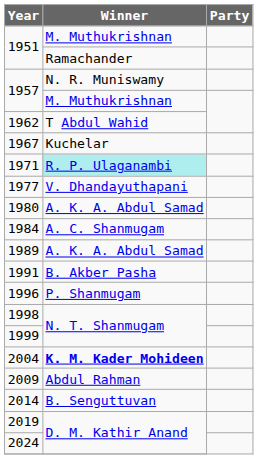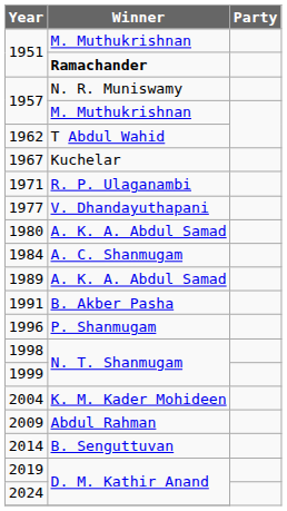 <table class="wikitable sortable">
 <tr>
 <th style="background-color:#666666; color:white">Year</th>
 <th style="background-color:#666666; color:white">Winner</th>
 <th style="background-color:#666666; color:white; " colspan="2">Party</th>
 </tr>
 <tr>
 <td rowspan="2">1951</td>
 <td><a href='#'>M. Muthukrishnan</a></td>
 <td></td>
 </tr>
 <tr>
-<td>Ramachander</td>
+<td><strong>Ramachander</strong></td>
 <td></td>
 </tr>
 <tr>
 <td rowspan="2">1957</td>
 <td>N. R. Muniswamy</td>
 <td></td>
 </tr>
 <tr>
 <td><a href='#'>M. Muthukrishnan</a></td>
 </tr>
 <tr>
 <td>1962</td>
 <td>T <a href='#'>Abdul Wahid</a></td>
 </tr>
 <tr>
 <td>1967</td>
 <td>Kuchelar</td>
 <td></td>
 </tr>
 <tr>
 <td>1971</td>
-<td style="background: paleturquoise;"><a href='#'>R. P. Ulaganambi</a></td>
+<td><a href='#'>R. P. Ulaganambi</a></td>
 </tr>
 <tr>
 <td>1977</td>
 <td><a href='#'>V. Dhandayuthapani</a></td>
 <td></td>
 </tr>
 <tr>
 <td>1980</td>
 <td><a href='#'>A. K. A. Abdul Samad</a></td>
 <td></td>
 </tr>
 <tr>
 <td>1984</td>
 <td><a href='#'>A. C. Shanmugam</a></td>
 <td></td>
 </tr>
 <tr>
 <td>1989</td>
 <td><a href='#'>A. K. A. Abdul Samad</a></td>
 <td></td>
 </tr>
 <tr>
 <td>1991</td>
 <td><a href='#'>B. Akber Pasha</a></td>
 </tr>
 <tr>
 <td>1996</td>
 <td><a href='#'>P. Shanmugam</a></td>
 <td></td>
 </tr>
 <tr>
 <td>1998</td>
 <td rowspan=2><a href='#'>N. T. Shanmugam</a></td>
 <td></td>
 </tr>
 <tr>
 <td>1999</td>
 </tr>
 <tr>
 <td>2004</td>
-<td><strong><a href='#'>K. M. Kader Mohideen</a></strong></td>
+<td><a href='#'>K. M. Kader Mohideen</a></td>
 <td></td>
 </tr>
 <tr>
 <td>2009</td>
 <td><a href='#'>Abdul Rahman</a></td>
 </tr>
 <tr>
 <td>2014</td>
 <td><a href='#'>B. Senguttuvan</a></td>
 <td></td>
 </tr>
 <tr>
 <td>2019</td>
 <td rowspan=2><a href='#'>D. M. Kathir Anand</a></td>
 <td></td>
 </tr>
 <tr>
 <td>2024</td>
 </tr>
 <tr>
 </tr>
 </table>
